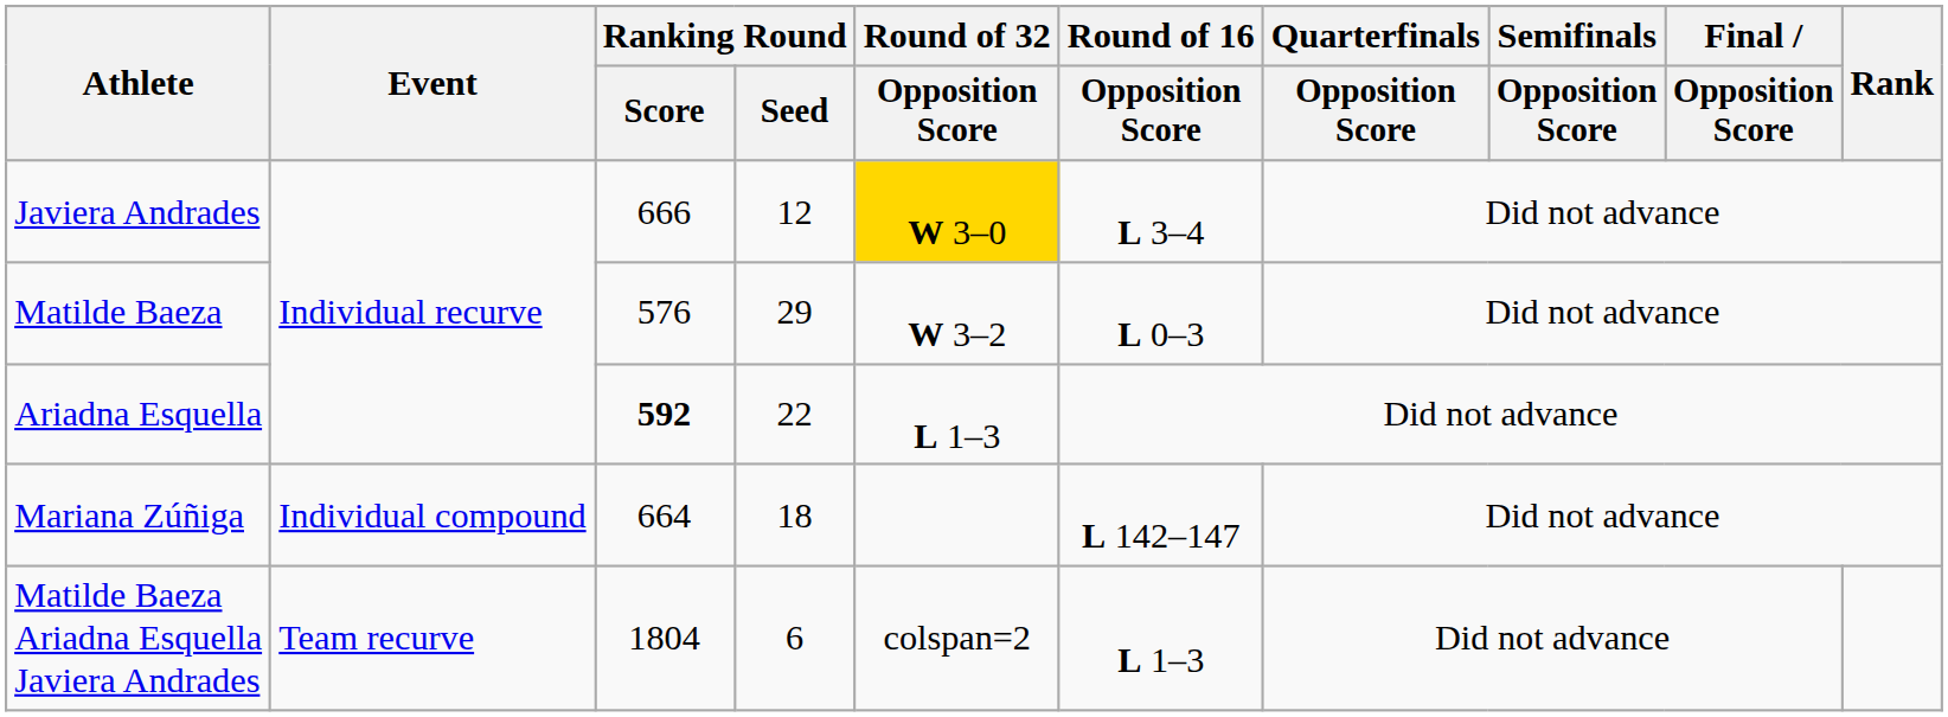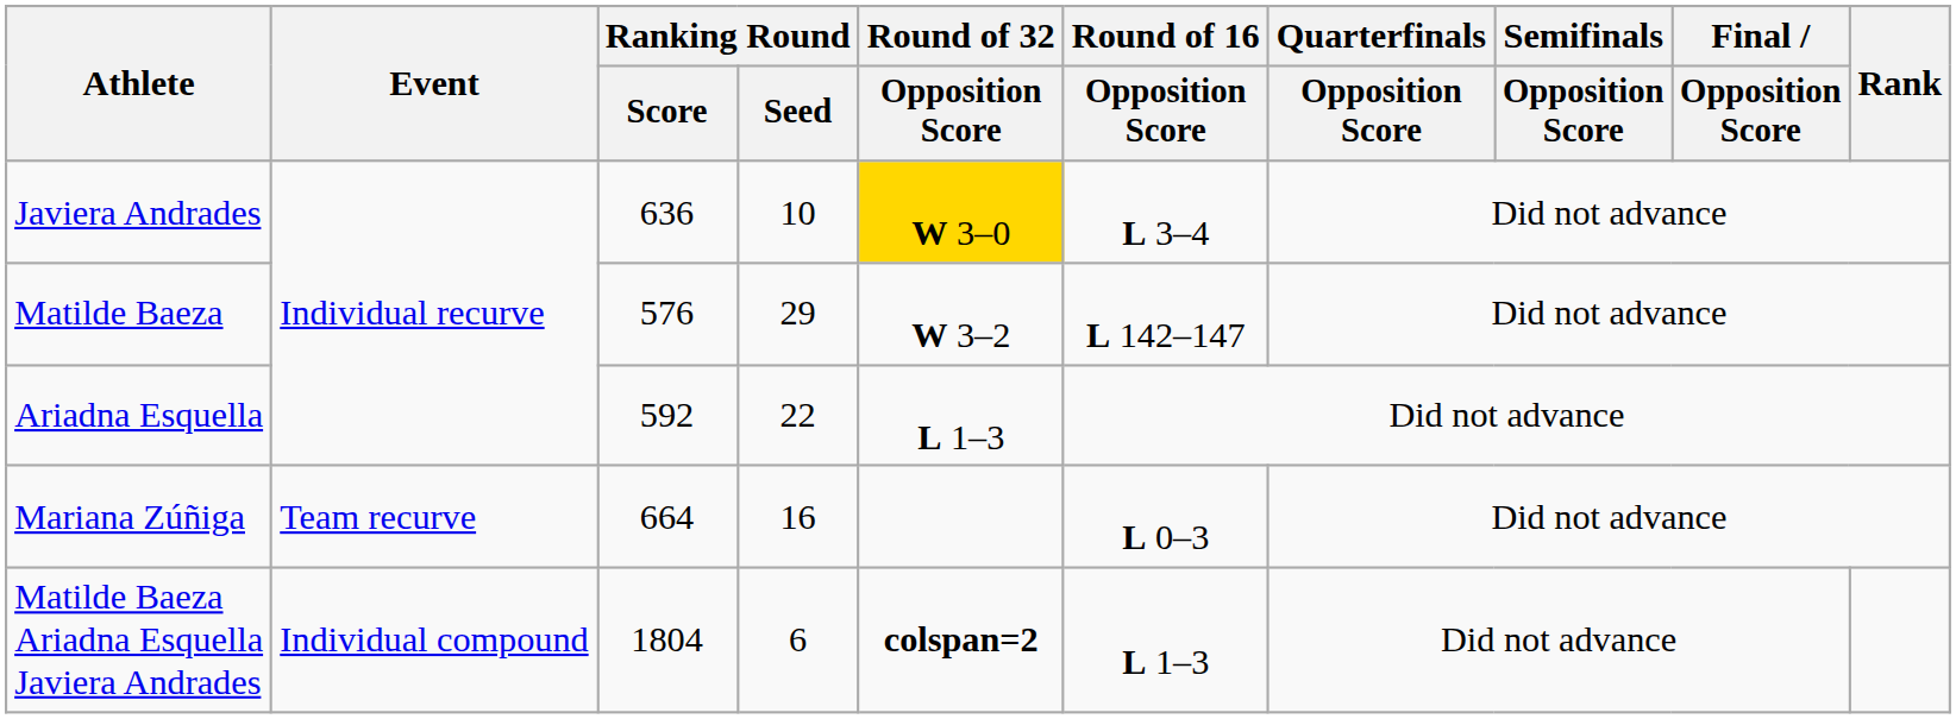 <table class="wikitable" style="font-size:90%">
 <tr>
 <th rowspan="2">Athlete</th>
 <th rowspan="2">Event</th>
 <th colspan="2">Ranking Round</th>
 <th>Round of 32</th>
 <th>Round of 16</th>
 <th>Quarterfinals</th>
 <th>Semifinals</th>
 <th>Final / </th>
 <th rowspan="2">Rank</th>
 </tr>
 <tr style="font-size:95%">
 <th>Score</th>
 <th>Seed</th>
 <th>Opposition<br>Score</th>
 <th>Opposition<br>Score</th>
 <th>Opposition<br>Score</th>
 <th>Opposition<br>Score</th>
 <th>Opposition<br>Score</th>
 </tr>
 <tr style="text-align:center">
 <td style="text-align:left"><a href='#'>Javiera Andrades</a></td>
 <td style="text-align:left" rowspan=3><a href='#'>Individual recurve</a></td>
-<td>666</td>
-<td>12</td>
+<td>636</td>
+<td>10</td>
 <td style="background: gold;"><br><strong>W</strong> 3–0</td>
 <td><br><strong>L</strong> 3–4</td>
 <td colspan="4">Did not advance</td>
 </tr>
 <tr style="text-align:center">
 <td style="text-align:left"><a href='#'>Matilde Baeza</a></td>
 <td>576</td>
 <td>29</td>
 <td><br><strong>W</strong> 3–2</td>
-<td><br><strong>L</strong> 0–3</td>
+<td><br><strong>L</strong> 142–147</td>
 <td colspan="4">Did not advance</td>
 </tr>
 <tr style="text-align:center">
 <td style="text-align:left"><a href='#'>Ariadna Esquella</a></td>
-<td><strong>592</strong></td>
+<td>592</td>
 <td>22</td>
 <td><br><strong>L</strong> 1–3</td>
 <td colspan="5">Did not advance</td>
 </tr>
 <tr style="text-align:center">
 <td style="text-align:left"><a href='#'>Mariana Zúñiga</a></td>
-<td style="text-align:left"><a href='#'>Individual compound</a></td>
+<td style="text-align:left"><a href='#'>Team recurve</a></td>
 <td>664</td>
-<td>18</td>
+<td>16</td>
 <td></td>
-<td><br><strong>L</strong> 142–147</td>
+<td><br><strong>L</strong> 0–3</td>
 <td colspan="4">Did not advance</td>
 </tr>
 <tr style="text-align:center">
 <td style="text-align:left"><a href='#'>Matilde Baeza</a><br><a href='#'>Ariadna Esquella</a><br><a href='#'>Javiera Andrades</a></td>
-<td style="text-align:left"><a href='#'>Team recurve</a></td>
+<td style="text-align:left"><a href='#'>Individual compound</a></td>
 <td>1804</td>
 <td>6</td>
-<td>colspan=2 </td>
+<td><strong>colspan=2 </strong></td>
 <td><br><strong>L</strong> 1–3</td>
 <td colspan="3">Did not advance</td>
 </tr>
 </table>
